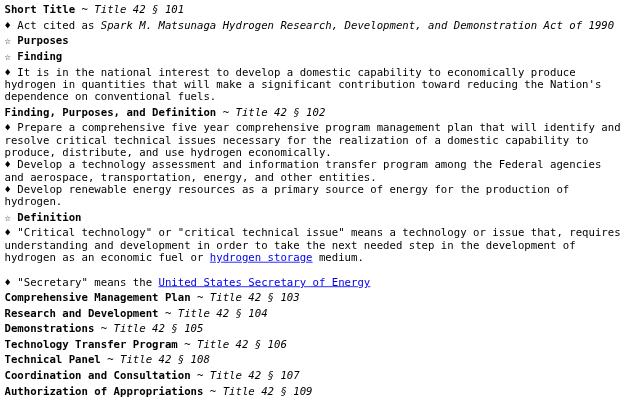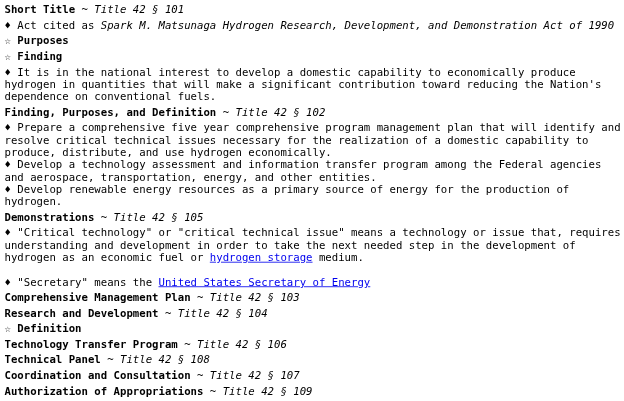 <table style="width: 60%; border: none; text-align: left;">
 <tr>
 <td><strong>Short Title</strong> ~ <em>Title 42 § 101</em></td>
 </tr>
 <tr>
 <td>♦ Act cited as <em>Spark M. Matsunaga Hydrogen Research, Development, and Demonstration Act of 1990</em></td>
 </tr>
 <tr>
 <td>☆ <strong>Purposes</strong></td>
 </tr>
 <tr>
 <td>☆ <strong>Finding</strong></td>
 </tr>
 <tr>
 <td>♦ It is in the national interest to develop a domestic capability to economically produce hydrogen in quantities that will make a significant contribution toward reducing the Nation's dependence on conventional fuels.</td>
 </tr>
 <tr>
 <td><strong>Finding, Purposes, and Definition</strong> ~ <em>Title 42 § 102</em></td>
 </tr>
 <tr>
 <td>♦ Prepare a comprehensive five year comprehensive program management plan that will identify and resolve critical technical issues necessary for the realization of a domestic capability to produce, distribute, and use hydrogen economically.<br>♦ Develop a technology assessment and information transfer program among the Federal agencies and aerospace, transportation, energy, and other entities.<br>♦ Develop renewable energy resources as a primary source of energy for the production of hydrogen.</td>
 </tr>
 <tr>
-<td>☆ <strong>Definition</strong></td>
+<td><strong>Demonstrations</strong> ~ <em>Title 42 § 105</em></td>
 </tr>
 <tr>
 <td>♦ "Critical technology" or "critical technical issue" means a technology or issue that, requires understanding and development in order to take the next needed step in the development of hydrogen as an economic fuel or <a href='#'>hydrogen storage</a> medium.<br><br>♦ "Secretary" means the <a href='#'>United States Secretary of Energy</a></td>
 </tr>
 <tr>
 <td><strong>Comprehensive Management Plan</strong> ~ <em>Title 42 § 103</em></td>
 </tr>
 <tr>
 <td><strong>Research and Development</strong> ~ <em>Title 42 § 104</em></td>
 </tr>
 <tr>
-<td><strong>Demonstrations</strong> ~ <em>Title 42 § 105</em></td>
+<td>☆ <strong>Definition</strong></td>
 </tr>
 <tr>
 <td><strong>Technology Transfer Program</strong> ~ <em>Title 42 § 106</em></td>
 </tr>
 <tr>
 <td><strong>Technical Panel</strong> ~ <em>Title 42 § 108</em></td>
 </tr>
 <tr>
 <td><strong>Coordination and Consultation</strong> ~ <em>Title 42 § 107</em></td>
 </tr>
 <tr>
 <td><strong>Authorization of Appropriations</strong> ~ <em>Title 42 § 109</em></td>
 </tr>
 </table>
